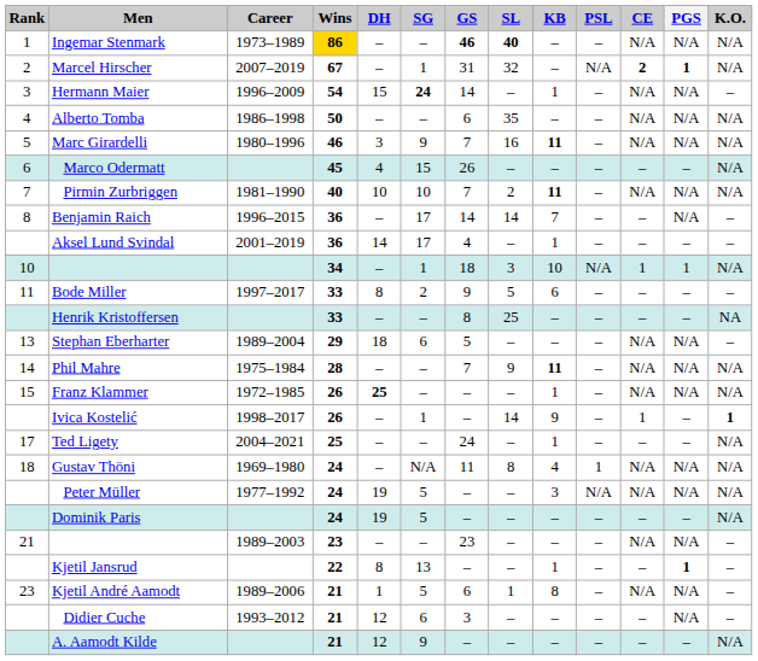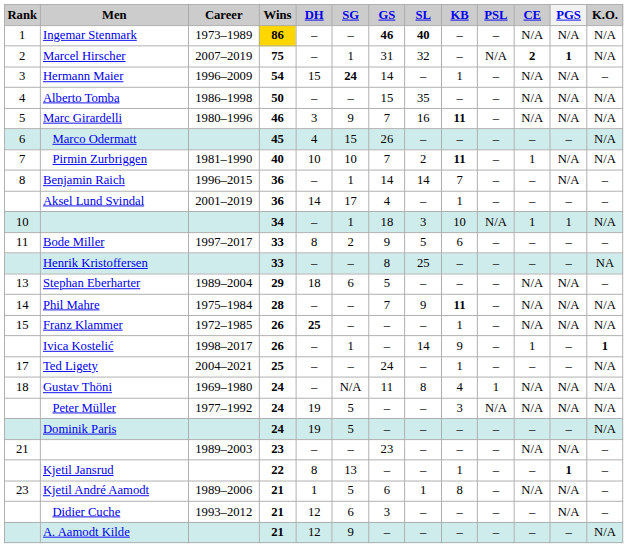 <table class="wikitable plainrowheaders" style="background:#fff; font-size:86%; line-height:16px; border:grey solid 1px; border-collapse:collapse">
 <tr style="background:#ccc; text-align:center;">
 <th style="background-color: #ccc;" width="30">Rank</th>
 <th style="background-color: #ccc;" align=left width="155">Men</th>
 <th style="background-color: #ccc;" width="70">Career</th>
 <th style="background:#ccc; width:6%">Wins</th>
 <th style="background-color: #ccc;" width="33"><a href='#'>DH</a></th>
 <th style="background-color: #ccc;" width="33"><a href='#'>SG</a></th>
 <th style="background-color: #ccc;" width="33"><a href='#'>GS</a></th>
 <th style="background-color: #ccc;" width="33"><a href='#'>SL</a></th>
 <th style="background-color: #ccc;" width="33"><a href='#'>KB</a></th>
 <th style="background-color: #ccc;" width="33"><a href='#'>PSL</a></th>
 <th style="background-color: #ccc;" width="33"><a href='#'>CE</a></th>
 <th style="jnijvniehbvbv-color: #ccc;" width="33"><a href='#'>PGS</a></th>
 <th style="background-color: #ccc;" width="33">K.O.</th>
 </tr>
 <tr align=center>
 <td>1</td>
 <td align=left> <a href='#'>Ingemar Stenmark</a></td>
 <td>1973–1989</td>
 <td style="background:gold;"><strong>86</strong></td>
 <td>–</td>
 <td>–</td>
 <td><strong>46</strong></td>
 <td><strong>40</strong></td>
 <td>–</td>
 <td>–</td>
 <td>N/A</td>
 <td>N/A</td>
 <td>N/A</td>
 </tr>
 <tr align=center>
 <td>2</td>
 <td align=left> <a href='#'>Marcel Hirscher</a></td>
 <td>2007–2019</td>
-<td><strong>67</strong></td>
+<td><strong>75</strong></td>
 <td>–</td>
 <td>1</td>
 <td>31</td>
 <td>32</td>
 <td>–</td>
 <td>N/A</td>
 <td><strong>2</strong></td>
 <td><strong>1</strong></td>
 <td>N/A</td>
 </tr>
 <tr align=center>
 <td>3</td>
 <td align=left> <a href='#'>Hermann Maier</a></td>
 <td>1996–2009</td>
 <td><strong>54</strong></td>
 <td>15</td>
 <td><strong>24</strong></td>
 <td>14</td>
 <td>–</td>
 <td>1</td>
 <td>–</td>
 <td>N/A</td>
 <td>N/A</td>
 <td>–</td>
 </tr>
 <tr align=center>
 <td>4</td>
 <td align=left> <a href='#'>Alberto Tomba</a></td>
 <td>1986–1998</td>
 <td><strong>50</strong></td>
 <td>–</td>
 <td>–</td>
-<td>6</td>
+<td>15</td>
 <td>35</td>
 <td>–</td>
 <td>–</td>
 <td>N/A</td>
 <td>N/A</td>
 <td>N/A</td>
 </tr>
 <tr align=center>
 <td>5</td>
 <td align=left> <a href='#'>Marc Girardelli</a></td>
 <td>1980–1996</td>
 <td><strong>46</strong></td>
 <td>3</td>
 <td>9</td>
 <td>7</td>
 <td>16</td>
 <td><strong>11</strong></td>
 <td>–</td>
 <td>N/A</td>
 <td>N/A</td>
 <td>N/A</td>
 </tr>
 <tr align=center bgcolor=#CFECEC>
 <td>6</td>
 <td align=left>   <a href='#'>Marco Odermatt</a></td>
 <td></td>
 <td><strong>45</strong></td>
 <td>4</td>
 <td>15</td>
 <td>26</td>
 <td>–</td>
 <td>–</td>
 <td>–</td>
 <td>–</td>
 <td>–</td>
 <td>N/A</td>
 </tr>
 <tr align=center>
 <td>7</td>
 <td align=left>   <a href='#'>Pirmin Zurbriggen</a></td>
 <td>1981–1990</td>
 <td><strong>40</strong></td>
 <td>10</td>
 <td>10</td>
 <td>7</td>
 <td>2</td>
 <td><strong>11</strong></td>
 <td>–</td>
-<td>N/A</td>
+<td>1</td>
 <td>N/A</td>
 <td>N/A</td>
 </tr>
 <tr align=center>
 <td>8</td>
 <td align=left> <a href='#'>Benjamin Raich</a></td>
 <td>1996–2015</td>
 <td><strong>36</strong></td>
 <td>–</td>
-<td>17</td>
+<td>1</td>
 <td>14</td>
 <td>14</td>
 <td>7</td>
 <td>–</td>
 <td>–</td>
 <td>N/A</td>
 <td>–</td>
 </tr>
 <tr align=center>
 <td></td>
 <td align=left> <a href='#'>Aksel Lund Svindal</a></td>
 <td>2001–2019</td>
 <td><strong>36</strong></td>
 <td>14</td>
 <td>17</td>
 <td>4</td>
 <td>–</td>
 <td>1</td>
 <td>–</td>
 <td>–</td>
 <td>–</td>
 <td>–</td>
 </tr>
 <tr align=center style="background:#CFECEC">
 <td>10</td>
 <td align=left> </td>
 <td></td>
 <td><strong>34</strong></td>
 <td>–</td>
 <td>1</td>
 <td>18</td>
 <td>3</td>
 <td>10</td>
 <td>N/A</td>
 <td>1</td>
 <td>1</td>
 <td>N/A</td>
 </tr>
 <tr align=center>
 <td>11</td>
 <td align=left> <a href='#'>Bode Miller</a></td>
 <td>1997–2017</td>
 <td><strong>33</strong></td>
 <td>8</td>
 <td>2</td>
 <td>9</td>
 <td>5</td>
 <td>6</td>
 <td>–</td>
 <td>–</td>
 <td>–</td>
 <td>–</td>
 </tr>
 <tr align=center bgcolor=#CFECEC>
 <td></td>
 <td align=left> <a href='#'>Henrik Kristoffersen</a></td>
 <td></td>
 <td><strong>33</strong></td>
 <td>–</td>
 <td>–</td>
 <td>8</td>
 <td>25</td>
 <td>–</td>
 <td>–</td>
 <td>–</td>
 <td>–</td>
 <td>NA</td>
 </tr>
 <tr align=center>
 <td>13</td>
 <td align=left> <a href='#'>Stephan Eberharter</a></td>
 <td>1989–2004</td>
 <td><strong>29</strong></td>
 <td>18</td>
 <td>6</td>
 <td>5</td>
 <td>–</td>
 <td>–</td>
 <td>–</td>
 <td>N/A</td>
 <td>N/A</td>
 <td>–</td>
 </tr>
 <tr align=center>
 <td>14</td>
 <td align=left> <a href='#'>Phil Mahre</a></td>
 <td>1975–1984</td>
 <td><strong>28</strong></td>
 <td>–</td>
 <td>–</td>
 <td>7</td>
 <td>9</td>
 <td><strong>11</strong></td>
 <td>–</td>
 <td>N/A</td>
 <td>N/A</td>
 <td>N/A</td>
 </tr>
 <tr align=center>
 <td>15</td>
 <td align=left> <a href='#'>Franz Klammer</a></td>
 <td>1972–1985</td>
 <td><strong>26</strong></td>
 <td><strong>25</strong></td>
 <td>–</td>
 <td>–</td>
 <td>–</td>
 <td>1</td>
 <td>–</td>
 <td>N/A</td>
 <td>N/A</td>
 <td>N/A</td>
 </tr>
 <tr align=center>
 <td></td>
 <td align=left> <a href='#'>Ivica Kostelić</a></td>
 <td>1998–2017</td>
 <td><strong>26</strong></td>
 <td>–</td>
 <td>1</td>
 <td>–</td>
 <td>14</td>
 <td>9</td>
 <td>–</td>
 <td>1</td>
 <td>–</td>
 <td><strong>1</strong></td>
 </tr>
 <tr align=center>
 <td>17</td>
 <td align=left> <a href='#'>Ted Ligety</a></td>
 <td>2004–2021</td>
 <td><strong>25</strong></td>
 <td>–</td>
 <td>–</td>
 <td>24</td>
 <td>–</td>
 <td>1</td>
 <td>–</td>
 <td>–</td>
 <td>–</td>
 <td>N/A</td>
 </tr>
 <tr align=center>
 <td>18</td>
 <td align=left> <a href='#'>Gustav Thöni</a></td>
 <td>1969–1980</td>
 <td><strong>24</strong></td>
 <td>–</td>
 <td>N/A</td>
 <td>11</td>
 <td>8</td>
 <td>4</td>
 <td>1</td>
 <td>N/A</td>
 <td>N/A</td>
 <td>N/A</td>
 </tr>
 <tr align=center>
 <td></td>
 <td align=left>   <a href='#'>Peter Müller</a></td>
 <td>1977–1992</td>
 <td><strong>24</strong></td>
 <td>19</td>
 <td>5</td>
 <td>–</td>
 <td>–</td>
 <td>3</td>
 <td>N/A</td>
 <td>N/A</td>
 <td>N/A</td>
 <td>N/A</td>
 </tr>
 <tr align=center style="background:#CFECEC">
 <td></td>
 <td align=left> <a href='#'>Dominik Paris</a></td>
 <td></td>
 <td><strong>24</strong></td>
 <td>19</td>
 <td>5</td>
 <td>–</td>
 <td>–</td>
 <td>–</td>
 <td>–</td>
 <td>–</td>
 <td>–</td>
 <td>N/A</td>
 </tr>
 <tr align=center>
 <td>21</td>
 <td align=left></td>
 <td>1989–2003</td>
 <td><strong>23</strong></td>
 <td>–</td>
 <td>–</td>
 <td>23</td>
 <td>–</td>
 <td>–</td>
 <td>–</td>
 <td>N/A</td>
 <td>N/A</td>
 <td>–</td>
 </tr>
 <tr align=center>
 <td></td>
 <td align=left> <a href='#'>Kjetil Jansrud</a></td>
 <td></td>
 <td><strong>22</strong></td>
 <td>8</td>
 <td>13</td>
 <td>–</td>
 <td>–</td>
 <td>1</td>
 <td>–</td>
 <td>–</td>
 <td><strong>1</strong></td>
 <td>–</td>
 </tr>
 <tr align=center>
 <td>23</td>
 <td align=left> <a href='#'>Kjetil André Aamodt</a></td>
 <td>1989–2006</td>
 <td><strong>21</strong></td>
 <td>1</td>
 <td>5</td>
 <td>6</td>
 <td>1</td>
 <td>8</td>
 <td>–</td>
 <td>N/A</td>
 <td>N/A</td>
 <td>–</td>
 </tr>
 <tr align=center>
 <td></td>
 <td align=left>   <a href='#'>Didier Cuche</a></td>
 <td>1993–2012</td>
 <td><strong>21</strong></td>
 <td>12</td>
 <td>6</td>
 <td>3</td>
 <td>–</td>
 <td>–</td>
 <td>–</td>
 <td>–</td>
 <td>N/A</td>
 <td>–</td>
 </tr>
 <tr align=center style="background:#CFECEC">
 <td></td>
 <td align=left> <a href='#'>A. Aamodt Kilde</a></td>
 <td></td>
 <td><strong>21</strong></td>
 <td>12</td>
 <td>9</td>
 <td>–</td>
 <td>–</td>
 <td>–</td>
 <td>–</td>
 <td>–</td>
 <td>–</td>
 <td>N/A</td>
 </tr>
 </table>
